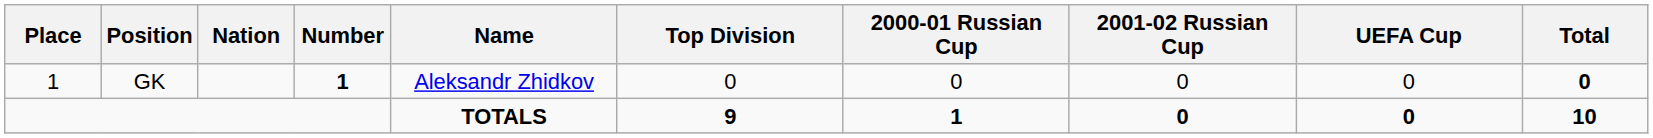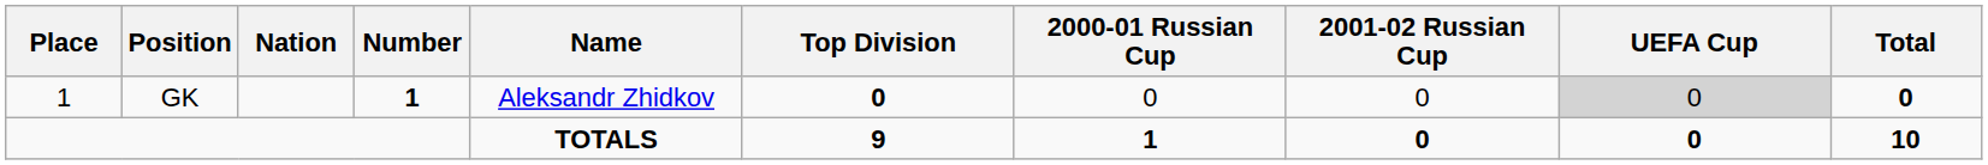 <table class="wikitable" style="font-size: 95%; text-align: center;">
 <tr>
 <th width=60>Place</th>
 <th width=60>Position</th>
 <th width=60>Nation</th>
 <th width=60>Number</th>
 <th width=150>Name</th>
 <th width=150>Top Division</th>
 <th width=150>2000-01 Russian Cup</th>
 <th width=150>2001-02 Russian Cup</th>
 <th width=150>UEFA Cup</th>
 <th width=80>Total</th>
 </tr>
 <tr>
 <td>1</td>
 <td>GK</td>
 <td></td>
 <td><strong>1</strong></td>
 <td><a href='#'>Aleksandr Zhidkov</a></td>
+<td><strong>0</strong></td>
 <td>0</td>
 <td>0</td>
-<td>0</td>
-<td>0</td>
+<td style="background: lightgrey;">0</td>
 <td><strong>0</strong></td>
 </tr>
 <tr>
 <td colspan="4"></td>
 <td><strong>TOTALS</strong></td>
 <td><strong>9</strong></td>
 <td><strong>1</strong></td>
 <td><strong>0</strong></td>
 <td><strong>0</strong></td>
 <td><strong>10</strong></td>
 </tr>
 </table>
